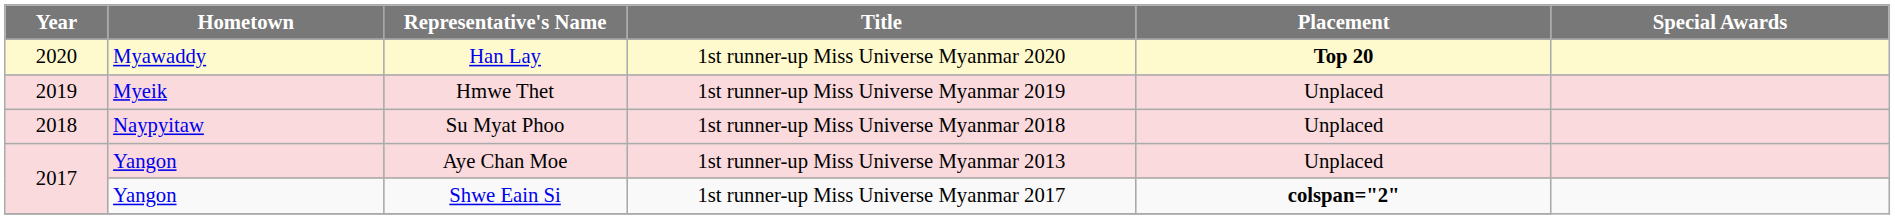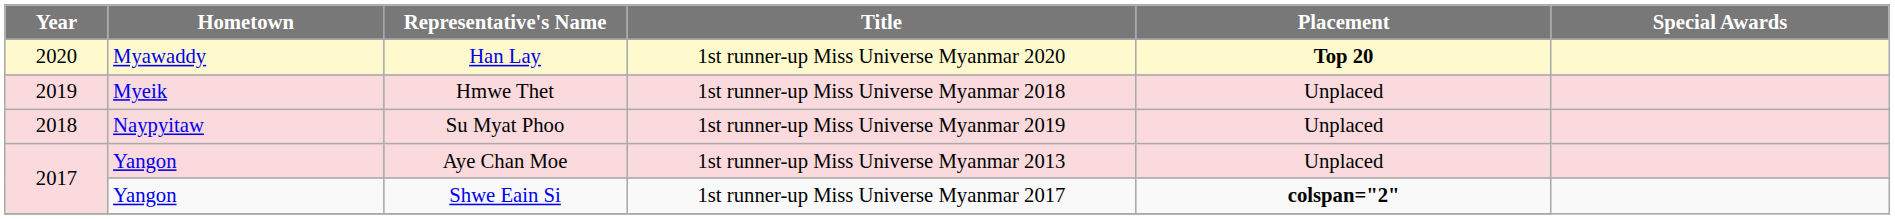 <table class="wikitable sortable" style="font-size: 83%; text-align:center">
 <tr>
 <th width="60" style="background-color:#787878;color:#FFFFFF;">Year</th>
 <th width="170" style="background-color:#787878;color:#FFFFFF;">Hometown</th>
 <th width="150" style="background-color:#787878;color:#FFFFFF;">Representative's Name</th>
 <th width="320" style="background-color:#787878;color:#FFFFFF;">Title</th>
 <th width="260" style="background-color:#787878;color:#FFFFFF;">Placement</th>
 <th width="210" style="background-color:#787878;color:#FFFFFF;">Special Awards</th>
 </tr>
 <tr style="background-color:#FFFACD; ">
 <td>2020</td>
 <td align=left> <a href='#'>Myawaddy</a></td>
 <td><a href='#'>Han Lay</a></td>
 <td>1st runner-up Miss Universe Myanmar 2020</td>
 <td><strong>Top 20 </strong></td>
 <td style="background:;"></td>
 </tr>
 <tr style="background-color:#FADADD; ">
 <td>2019</td>
 <td align=left> <a href='#'>Myeik</a></td>
 <td>Hmwe Thet</td>
-<td>1st runner-up Miss Universe Myanmar 2019</td>
+<td>1st runner-up Miss Universe Myanmar 2018</td>
 <td>Unplaced</td>
 <td style="background:;"></td>
 </tr>
 <tr style="background-color:#FADADD; ">
 <td>2018</td>
 <td align=left> <a href='#'>Naypyitaw</a></td>
 <td>Su Myat Phoo</td>
-<td>1st runner-up Miss Universe Myanmar 2018</td>
+<td>1st runner-up Miss Universe Myanmar 2019</td>
 <td>Unplaced</td>
 <td style="background:;"></td>
 </tr>
 <tr style="background-color:#FADADD; ">
 <td rowspan="2">2017</td>
 <td align=left> <a href='#'>Yangon</a></td>
 <td>Aye Chan Moe</td>
 <td>1st runner-up Miss Universe Myanmar 2013</td>
 <td>Unplaced</td>
 <td style="background:;"></td>
 </tr>
 <tr>
 <td align=left> <a href='#'>Yangon</a></td>
 <td><a href='#'>Shwe Eain Si</a></td>
 <td>1st runner-up Miss Universe Myanmar 2017</td>
 <td><strong>colspan="2" </strong></td>
 </tr>
 <tr>
 </tr>
 </table>
